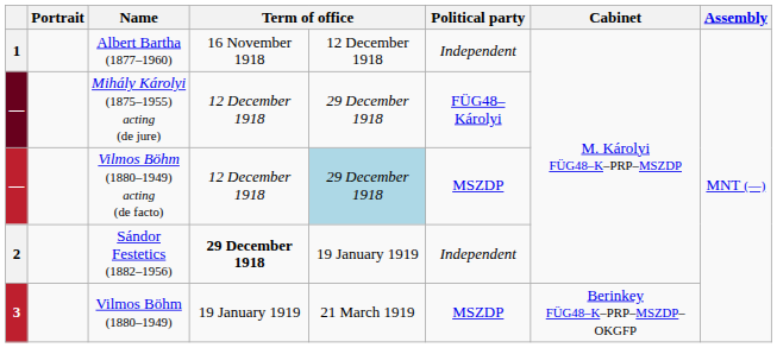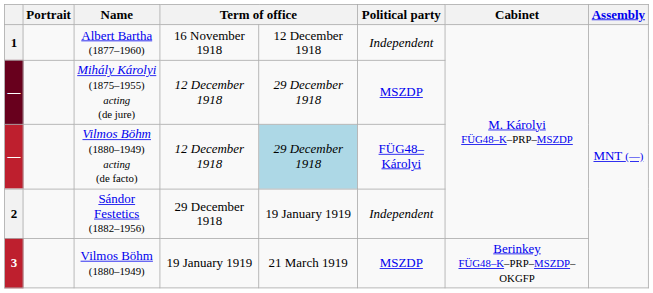 <table class="wikitable" style="width:90%; text-align:center;">
 <tr>
 <th></th>
 <th>Portrait</th>
 <th>Name<br></th>
 <th colspan=2>Term of office</th>
 <th>Political party</th>
 <th>Cabinet</th>
 <th><a href='#'>Assembly</a><br></th>
 </tr>
 <tr>
 <th style="background:">1</th>
 <td></td>
 <td><a href='#'>Albert Bartha</a><br><small>(1877–1960)</small></td>
 <td>16 November 1918</td>
 <td>12 December 1918</td>
 <td><em>Independent</em></td>
 <td rowspan="4"><a href='#'>M. Károlyi</a><br><small><a href='#'>FÜG48–K</a>–PRP–<a href='#'>MSZDP</a></small></td>
 <td rowspan="5"><a href='#'>MNT <small>(—)</small></a></td>
 </tr>
 <tr>
 <th style="background-color:#68001D; color:white">—</th>
 <td></td>
 <td><em><a href='#'>Mihály Károlyi</a></em><br><small>(1875–1955)<br><em>acting</em><br>(de jure)</small></td>
 <td><em>12 December 1918</em></td>
 <td><em>29 December 1918</em></td>
-<td><a href='#'>FÜG48–Károlyi</a></td>
+<td><a href='#'>MSZDP</a></td>
 </tr>
 <tr>
 <th style="background-color:#BE1F2E; color:white">—</th>
 <td></td>
 <td><em><a href='#'>Vilmos Böhm</a></em><br><small>(1880–1949)<br><em>acting</em><br>(de facto)</small></td>
 <td><em>12 December 1918</em></td>
 <td style="background: lightblue;"><em>29 December 1918</em></td>
-<td><a href='#'>MSZDP</a></td>
+<td><a href='#'>FÜG48–Károlyi</a></td>
 </tr>
 <tr>
 <th style="background:">2</th>
 <td></td>
 <td><a href='#'>Sándor Festetics</a><br><small>(1882–1956)</small></td>
-<td><strong>29 December 1918</strong></td>
+<td>29 December 1918</td>
 <td>19 January 1919</td>
 <td><em>Independent</em></td>
 </tr>
 <tr>
 <th style="background-color:#BE1F2E; color:white">3</th>
 <td></td>
 <td><a href='#'>Vilmos Böhm</a><br><small>(1880–1949)</small></td>
 <td>19 January 1919</td>
 <td>21 March 1919</td>
 <td><a href='#'>MSZDP</a></td>
 <td><a href='#'>Berinkey</a><br><small><a href='#'>FÜG48–K</a>–PRP–<a href='#'>MSZDP</a>–OKGFP</small></td>
 </tr>
 </table>
